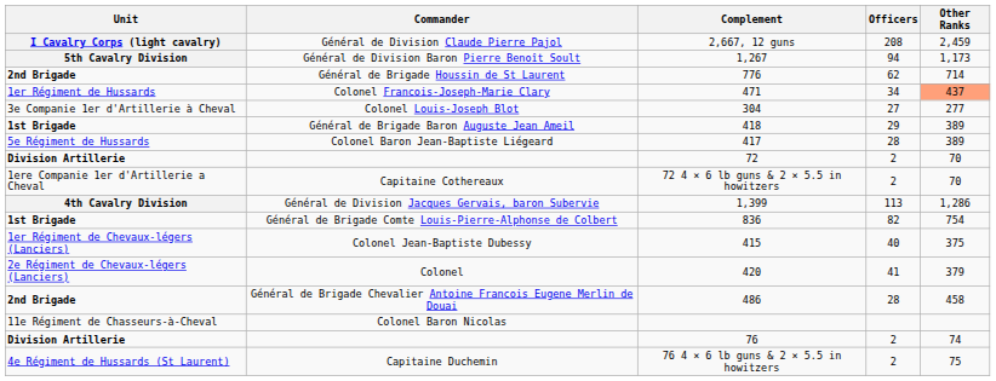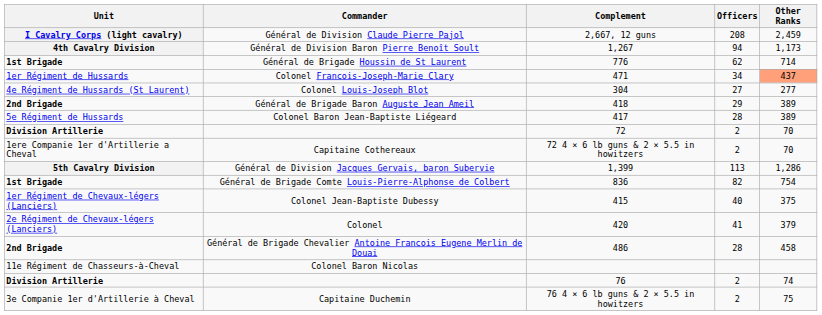 <table class="wikitable">
 <tr>
 <th>Unit</th>
 <th>Commander</th>
 <th>Complement</th>
 <th>Officers</th>
 <th>Other Ranks</th>
 </tr>
 <tr>
 <th colspan="1" bgcolor="#f9f9f9;"><a href='#'>I Cavalry Corps</a> (light cavalry)</th>
 <td align="center">Général de Division <a href='#'>Claude Pierre Pajol</a></td>
 <td align="center">2,667, 12 guns</td>
 <td align="center">208</td>
 <td align="center">2,459</td>
 </tr>
 <tr>
-<th colspan="1" bgcolor="#f9f9f9;">5th Cavalry Division</th>
+<th colspan="1" bgcolor="#f9f9f9;">4th Cavalry Division</th>
 <td align="center">Général de Division Baron <a href='#'>Pierre Benoît Soult</a></td>
 <td align="center">1,267</td>
 <td align="center">94</td>
 <td align="center">1,173</td>
 </tr>
 <tr>
-<td><strong>2nd Brigade</strong></td>
+<td><strong>1st Brigade</strong></td>
 <td align="center">Général de Brigade <a href='#'>Houssin de St Laurent</a></td>
 <td align="center">776</td>
 <td align="center">62</td>
 <td align="center">714</td>
 </tr>
 <tr>
 <td><a href='#'>1er Régiment de Hussards</a></td>
 <td align="center">Colonel <a href='#'>Francois-Joseph-Marie Clary</a></td>
 <td align="center">471</td>
 <td align="center">34</td>
 <td align="center" style="background: lightsalmon;">437</td>
 </tr>
 <tr>
-<td>3e Companie 1er d'Artillerie à Cheval</td>
+<td><a href='#'>4e Régiment de Hussards (St Laurent)</a></td>
 <td align="center">Colonel <a href='#'>Louis-Joseph Blot</a></td>
 <td align="center">304</td>
 <td align="center">27</td>
 <td align="center">277</td>
 </tr>
 <tr>
-<td><strong>1st Brigade</strong></td>
+<td><strong>2nd Brigade</strong></td>
 <td align="center">Général de Brigade Baron <a href='#'>Auguste Jean Ameil</a></td>
 <td align="center">418</td>
 <td align="center">29</td>
 <td align="center">389</td>
 </tr>
 <tr>
 <td><a href='#'>5e Régiment de Hussards</a></td>
 <td align="center">Colonel Baron Jean-Baptiste Liégeard</td>
 <td align="center">417</td>
 <td align="center">28</td>
 <td align="center">389</td>
 </tr>
 <tr>
 <td><strong>Division Artillerie</strong></td>
 <td align="center"></td>
 <td align="center">72</td>
 <td align="center">2</td>
 <td align="center">70</td>
 </tr>
 <tr>
 <td>1ere Companie 1er d'Artillerie a Cheval</td>
 <td align="center">Capitaine Cothereaux</td>
 <td align="center">72 4 × 6 lb guns & 2 × 5.5 in howitzers</td>
 <td align="center">2</td>
 <td align="center">70</td>
 </tr>
 <tr>
-<th colspan="1" bgcolor="#f9f9f9;">4th Cavalry Division</th>
+<th colspan="1" bgcolor="#f9f9f9;">5th Cavalry Division</th>
 <td align="center">Général de Division <a href='#'>Jacques Gervais, baron Subervie</a></td>
 <td align="center">1,399</td>
 <td align="center">113</td>
 <td align="center">1,286</td>
 </tr>
 <tr>
 <td><strong>1st Brigade</strong></td>
 <td align="center">Général de Brigade Comte <a href='#'>Louis-Pierre-Alphonse de Colbert</a></td>
 <td align="center">836</td>
 <td align="center">82</td>
 <td align="center">754</td>
 </tr>
 <tr>
 <td><a href='#'>1er Régiment de Chevaux-légers (Lanciers)</a></td>
 <td align="center">Colonel Jean-Baptiste Dubessy</td>
 <td align="center">415</td>
 <td align="center">40</td>
 <td align="center">375</td>
 </tr>
 <tr>
 <td><a href='#'>2e Régiment de Chevaux-légers (Lanciers)</a></td>
 <td align="center">Colonel </td>
 <td align="center">420</td>
 <td align="center">41</td>
 <td align="center">379</td>
 </tr>
 <tr>
 <td><strong>2nd Brigade</strong></td>
 <td align="center">Général de Brigade Chevalier <a href='#'>Antoine Francois Eugene Merlin de Douai</a></td>
 <td align="center">486</td>
 <td align="center">28</td>
 <td align="center">458</td>
 </tr>
 <tr>
 <td>11e Régiment de Chasseurs-à-Cheval</td>
 <td align="center">Colonel Baron Nicolas</td>
 <td align="center"></td>
 <td align="center"></td>
 <td align="center"></td>
 </tr>
 <tr>
 <td><strong>Division Artillerie</strong></td>
 <td align="center"></td>
 <td align="center">76</td>
 <td align="center">2</td>
 <td align="center">74</td>
 </tr>
 <tr>
-<td><a href='#'>4e Régiment de Hussards (St Laurent)</a></td>
+<td>3e Companie 1er d'Artillerie à Cheval</td>
 <td align="center">Capitaine Duchemin</td>
 <td align="center">76 4 × 6 lb guns & 2 × 5.5 in howitzers</td>
 <td align="center">2</td>
 <td align="center">75</td>
 </tr>
 </table>
